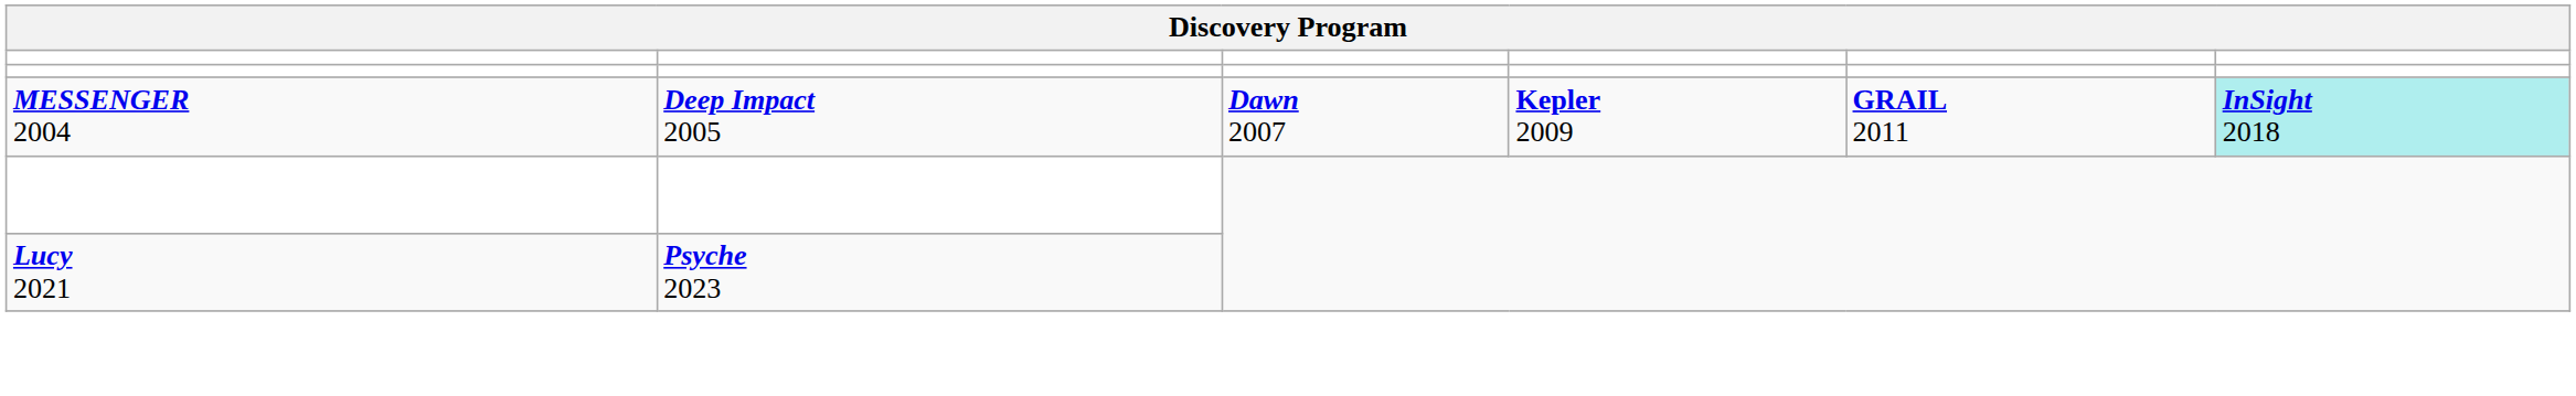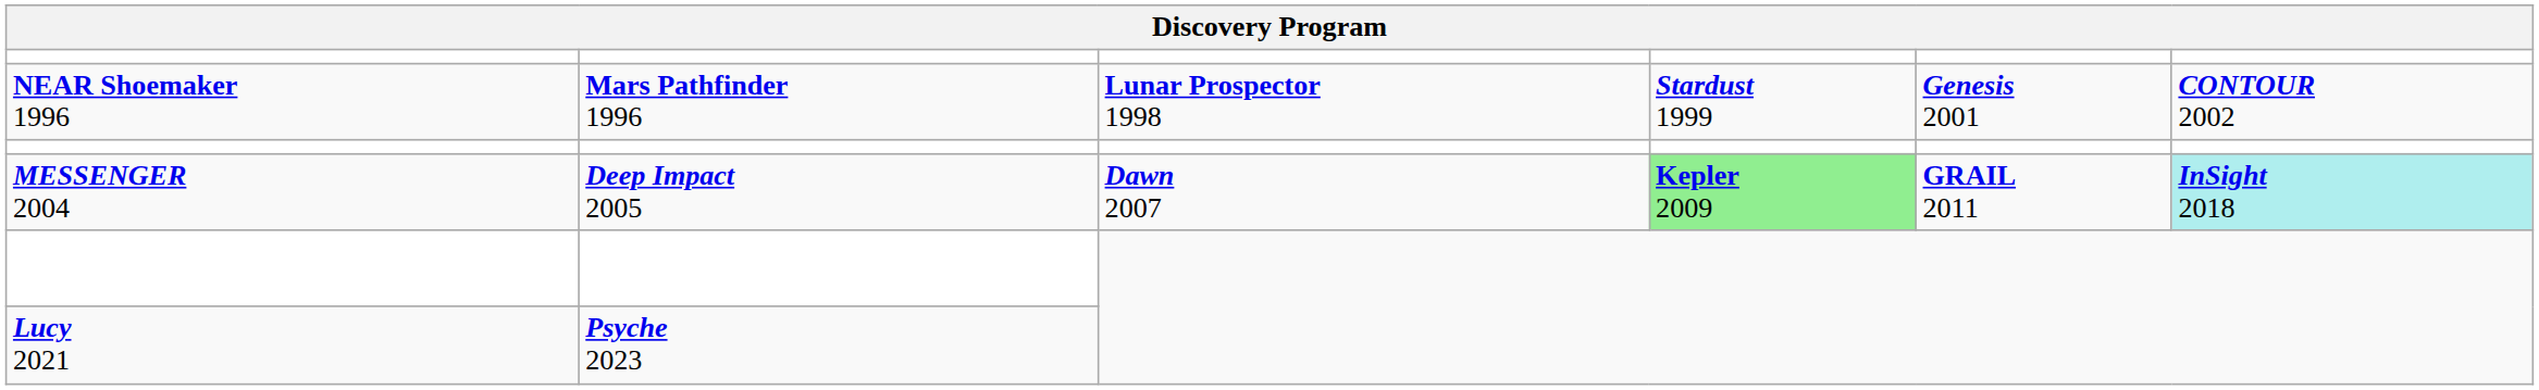 <table class="wikitable" style="margin: 1em auto 1em auto; width:90%">
 <tr>
 <th colspan=6>Discovery Program</th>
 </tr>
 <tr style="background: white;">
 <td></td>
 <td></td>
 <td></td>
 <td></td>
 <td></td>
 <td></td>
+</tr>
+<tr>
+<td><strong><a href='#'>NEAR Shoemaker</a></strong><br>1996</td>
+<td><strong><a href='#'>Mars Pathfinder</a></strong> <br>1996</td>
+<td><strong><a href='#'>Lunar Prospector</a></strong><br>1998</td>
+<td><strong><em><a href='#'>Stardust</a></em></strong><br>1999</td>
+<td><strong><em><a href='#'>Genesis</a></em></strong><br>2001</td>
+<td><strong><em><a href='#'>CONTOUR</a></em></strong><br>2002</td>
 </tr>
 <tr style="background: white;">
 <td></td>
 <td></td>
 <td></td>
 <td></td>
 <td></td>
 <td></td>
 </tr>
 <tr>
 <td><strong><em><a href='#'>MESSENGER</a></em></strong><br>2004</td>
 <td><strong><em><a href='#'>Deep Impact</a></em></strong><br>2005</td>
 <td><strong><em><a href='#'>Dawn</a></em></strong><br>2007</td>
-<td><strong><a href='#'>Kepler</a></strong><br>2009</td>
+<td style="background: lightgreen;"><strong><a href='#'>Kepler</a></strong><br>2009</td>
 <td><strong><a href='#'>GRAIL</a></strong><br>2011</td>
 <td style="background: paleturquoise;"><strong><em><a href='#'>InSight</a></em></strong><br>2018</td>
 </tr>
 <tr style="background: white;">
 <td></td>
 <td><br>  </td>
 </tr>
 <tr>
 <td><strong><em><a href='#'>Lucy</a></em></strong><br>2021</td>
 <td><strong><em><a href='#'>Psyche</a></em></strong><br>2023<br></td>
 </tr>
 </table>
